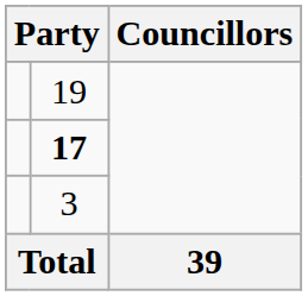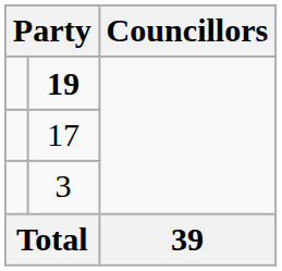 <table class="wikitable">
 <tr>
 <th colspan=2>Party</th>
 <th>Councillors</th>
 </tr>
 <tr>
 <td></td>
-<td align=center>19</td>
+<td align=center><strong>19</strong></td>
 </tr>
 <tr>
 <td></td>
-<td align=center><strong>17</strong></td>
+<td align=center>17</td>
 </tr>
 <tr>
 <td></td>
 <td align=center>3</td>
 </tr>
 <tr>
 <th colspan=2>Total</th>
 <th>39</th>
 </tr>
 </table>
